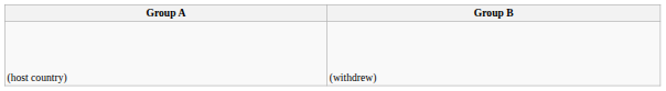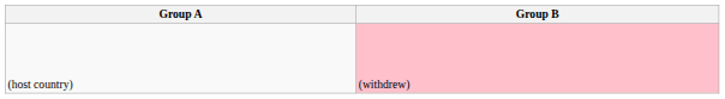 <table class="wikitable" width=50%>
 <tr>
 <th width=5%>Group A</th>
 <th width=5%>Group B</th>
 </tr>
 <tr>
 <td><br> <br>  <br>  <br>  (host country)</td>
-<td><br>  <br>  <br>  <br> <s></s> (withdrew)</td>
+<td style="background: pink;"><br>  <br>  <br>  <br> <s></s> (withdrew)</td>
 </tr>
 </table>
